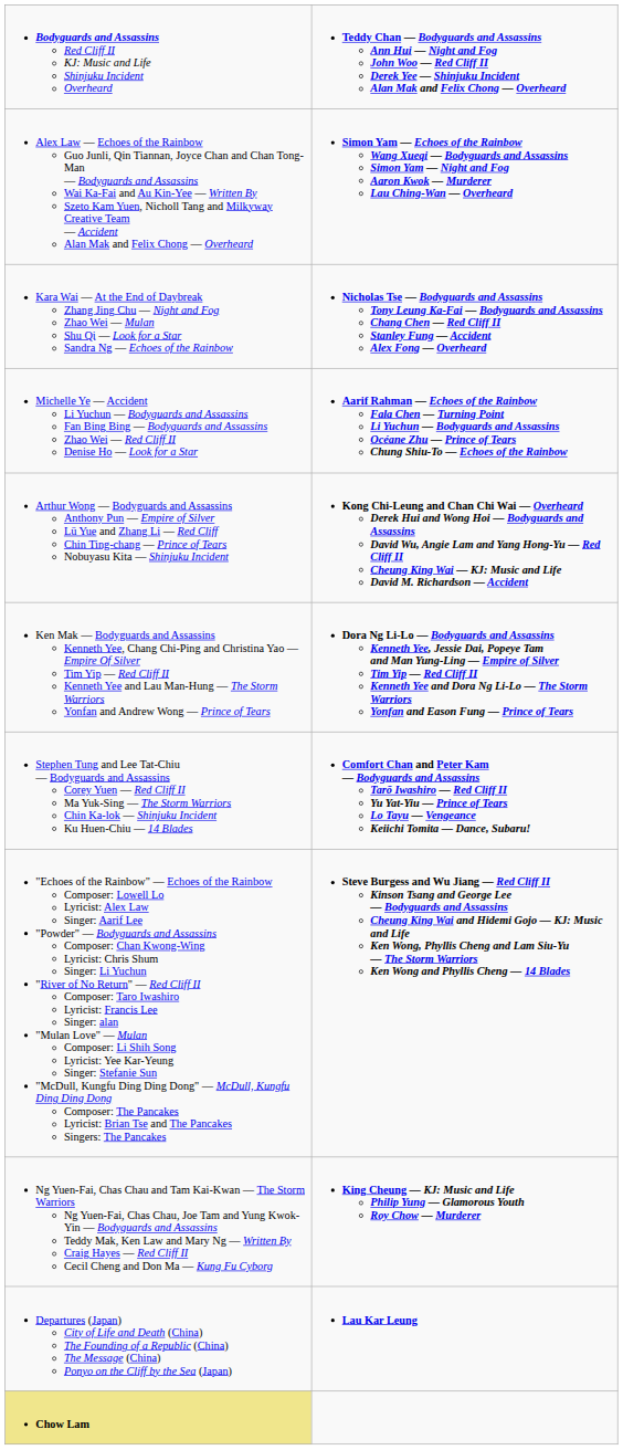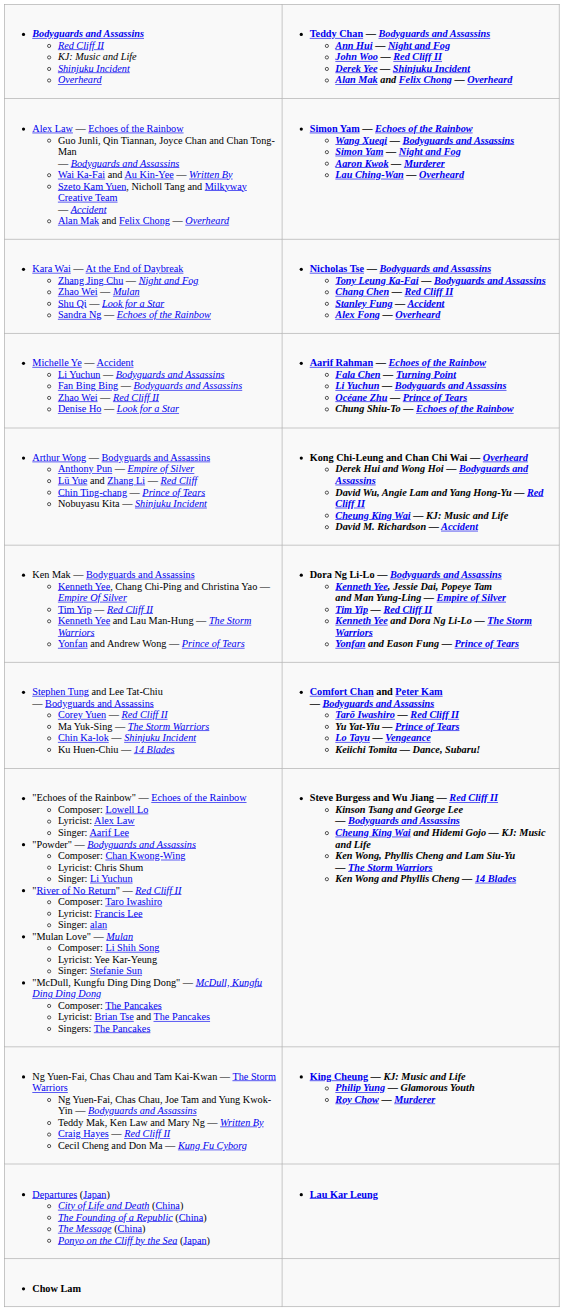 <table class=wikitable>
 <tr>
 <td valign="top" width="50%"><br><ul><li><strong><em><a href='#'>Bodyguards and Assassins</a></em></strong><ul><li><em><a href='#'>Red Cliff II</a></em></li><li><em>KJ: Music and Life</em></li><li><em><a href='#'>Shinjuku Incident</a></em></li><li><em><a href='#'>Overheard</a></em></li></ul></li></ul></td>
 <td valign="top" width="50%"><br><ul><li><strong><a href='#'>Teddy Chan</a> — <em><a href='#'>Bodyguards and Assassins</a><strong><em><ul><li><a href='#'>Ann Hui</a> — </em><a href='#'>Night and Fog</a><em></li><li><a href='#'>John Woo</a> — </em><a href='#'>Red Cliff II</a><em></li><li><a href='#'>Derek Yee</a> — </em><a href='#'>Shinjuku Incident</a><em></li><li><a href='#'>Alan Mak</a> and <a href='#'>Felix Chong</a> — </em><a href='#'>Overheard</a><em></li></ul></li></ul></td>
 </tr>
 <tr>
 <td valign="top" width="50%"><br><ul><li></strong><a href='#'>Alex Law</a> — </em><a href='#'>Echoes of the Rainbow</a></em></strong><ul><li>Guo Junli, Qin Tiannan, Joyce Chan and Chan Tong-Man <br> — <em><a href='#'>Bodyguards and Assassins</a></em></li><li><a href='#'>Wai Ka-Fai</a> and <a href='#'>Au Kin-Yee</a> — <em><a href='#'>Written By</a></em></li><li><a href='#'>Szeto Kam Yuen</a>, Nicholl Tang and <a href='#'>Milkyway Creative Team</a>  <br> — <em><a href='#'>Accident</a></em></li><li><a href='#'>Alan Mak</a> and <a href='#'>Felix Chong</a> — <em><a href='#'>Overheard</a></em></li></ul></li></ul></td>
 <td valign="top" width="50%"><br><ul><li><strong><a href='#'>Simon Yam</a> — <em><a href='#'>Echoes of the Rainbow</a><strong><em><ul><li><a href='#'>Wang Xueqi</a> — </em><a href='#'>Bodyguards and Assassins</a><em></li><li><a href='#'>Simon Yam</a> — </em><a href='#'>Night and Fog</a><em></li><li><a href='#'>Aaron Kwok</a> — </em><a href='#'>Murderer</a><em></li><li><a href='#'>Lau Ching-Wan</a> — </em><a href='#'>Overheard</a><em></li></ul></li></ul></td>
 </tr>
 <tr>
 <td valign="top" width="50%"><br><ul><li></strong><a href='#'>Kara Wai</a> — </em><a href='#'>At the End of Daybreak</a></em></strong><ul><li><a href='#'>Zhang Jing Chu</a> — <em><a href='#'>Night and Fog</a></em></li><li><a href='#'>Zhao Wei</a> — <em><a href='#'>Mulan</a></em></li><li><a href='#'>Shu Qi</a> — <em><a href='#'>Look for a Star</a></em></li><li><a href='#'>Sandra Ng</a> — <em><a href='#'>Echoes of the Rainbow</a></em></li></ul></li></ul></td>
 <td valign="top" width="50%"><br><ul><li><strong><a href='#'>Nicholas Tse</a> — <em><a href='#'>Bodyguards and Assassins</a><strong><em><ul><li><a href='#'>Tony Leung Ka-Fai</a> — </em><a href='#'>Bodyguards and Assassins</a><em></li><li><a href='#'>Chang Chen</a> — </em><a href='#'>Red Cliff II</a><em></li><li><a href='#'>Stanley Fung</a> — </em><a href='#'>Accident</a><em></li><li><a href='#'>Alex Fong</a> — </em><a href='#'>Overheard</a><em></li></ul></li></ul></td>
 </tr>
 <tr>
 <td valign="top" width="50%"><br><ul><li></strong><a href='#'>Michelle Ye</a> — </em><a href='#'>Accident</a></em></strong><ul><li><a href='#'>Li Yuchun</a> — <em><a href='#'>Bodyguards and Assassins</a></em></li><li><a href='#'>Fan Bing Bing</a> — <em><a href='#'>Bodyguards and Assassins</a></em></li><li><a href='#'>Zhao Wei</a> — <em><a href='#'>Red Cliff II</a></em></li><li><a href='#'>Denise Ho</a> — <em><a href='#'>Look for a Star</a></em></li></ul></li></ul></td>
 <td valign="top" width="50%"><br><ul><li><strong><a href='#'>Aarif Rahman</a> — <em><a href='#'>Echoes of the Rainbow</a><strong><em><ul><li><a href='#'>Fala Chen</a> — </em><a href='#'>Turning Point</a><em></li><li><a href='#'>Li Yuchun</a> — </em><a href='#'>Bodyguards and Assassins</a><em></li><li><a href='#'>Océane Zhu</a> — </em><a href='#'>Prince of Tears</a><em></li><li>Chung Shiu-To — </em><a href='#'>Echoes of the Rainbow</a><em></li></ul></li></ul></td>
 </tr>
 <tr>
 <td valign="top" width="50%"><br><ul><li></strong><a href='#'>Arthur Wong</a> — </em><a href='#'>Bodyguards and Assassins</a></em></strong><ul><li><a href='#'>Anthony Pun</a> — <em><a href='#'>Empire of Silver</a></em></li><li><a href='#'>Lü Yue</a> and <a href='#'>Zhang Li</a> — <em><a href='#'>Red Cliff</a></em></li><li><a href='#'>Chin Ting-chang</a> — <em><a href='#'>Prince of Tears</a></em></li><li>Nobuyasu Kita — <em><a href='#'>Shinjuku Incident</a></em></li></ul></li></ul></td>
 <td valign="top" width="50%"><br><ul><li><strong>Kong Chi-Leung and Chan Chi Wai — <em><a href='#'>Overheard</a><strong><em><ul><li>Derek Hui and Wong Hoi — </em><a href='#'>Bodyguards and Assassins</a><em></li><li>David Wu, Angie Lam and Yang Hong-Yu — </em><a href='#'>Red Cliff II</a><em></li><li><a href='#'>Cheung King Wai</a> — </em>KJ: Music and Life<em></li><li>David M. Richardson — </em><a href='#'>Accident</a><em></li></ul></li></ul></td>
 </tr>
 <tr>
 <td valign="top" width="50%"><br><ul><li></strong>Ken Mak — </em><a href='#'>Bodyguards and Assassins</a></em></strong><ul><li><a href='#'>Kenneth Yee</a>, Chang Chi-Ping and Christina Yao — <em><a href='#'>Empire Of Silver</a></em></li><li><a href='#'>Tim Yip</a> — <em><a href='#'>Red Cliff II</a></em></li><li><a href='#'>Kenneth Yee</a> and Lau Man-Hung — <em><a href='#'>The Storm Warriors</a></em></li><li><a href='#'>Yonfan</a> and Andrew Wong — <em><a href='#'>Prince of Tears</a></em></li></ul></li></ul></td>
 <td valign="top" width="50%"><br><ul><li><strong>Dora Ng Li-Lo — <em><a href='#'>Bodyguards and Assassins</a><strong><em><ul><li><a href='#'>Kenneth Yee</a>, Jessie Dai, Popeye Tam <br> and Man Yung-Ling — </em><a href='#'>Empire of Silver</a><em></li><li><a href='#'>Tim Yip</a> — </em><a href='#'>Red Cliff II</a><em></li><li><a href='#'>Kenneth Yee</a> and Dora Ng Li-Lo — </em><a href='#'>The Storm Warriors</a><em></li><li><a href='#'>Yonfan</a> and Eason Fung — </em><a href='#'>Prince of Tears</a><em></li></ul></li></ul></td>
 </tr>
 <tr>
 <td valign="top" width="50%"><br><ul><li></strong><a href='#'>Stephen Tung</a> and Lee Tat-Chiu <br> — </em><a href='#'>Bodyguards and Assassins</a></em></strong><ul><li><a href='#'>Corey Yuen</a> — <em><a href='#'>Red Cliff II</a></em></li><li>Ma Yuk-Sing — <em><a href='#'>The Storm Warriors</a></em></li><li><a href='#'>Chin Ka-lok</a> — <em><a href='#'>Shinjuku Incident</a></em></li><li>Ku Huen-Chiu — <em><a href='#'>14 Blades</a></em></li></ul></li></ul></td>
 <td valign="top" width="50%"><br><ul><li><strong><a href='#'>Comfort Chan</a> and <a href='#'>Peter Kam</a> <br> — <em><a href='#'>Bodyguards and Assassins</a><strong><em><ul><li><a href='#'>Tarō Iwashiro</a> — </em><a href='#'>Red Cliff II</a><em></li><li>Yu Yat-Yiu — </em><a href='#'>Prince of Tears</a><em></li><li><a href='#'>Lo Tayu</a> — </em><a href='#'>Vengeance</a><em></li><li>Keiichi Tomita — </em>Dance, Subaru!<em></li></ul></li></ul></td>
 </tr>
 <tr>
 <td valign="top" width="50%"><br><ul><li></strong>"Echoes of the Rainbow" —  </em><a href='#'>Echoes of the Rainbow</a></em></strong><ul><li>Composer: <a href='#'>Lowell Lo</a></li><li>Lyricist: <a href='#'>Alex Law</a></li><li>Singer: <a href='#'>Aarif Lee</a></li></ul></li><li>"Powder" — <em><a href='#'>Bodyguards and Assassins</a></em><ul><li>Composer: <a href='#'>Chan Kwong-Wing</a></li><li>Lyricist: Chris Shum</li><li>Singer: <a href='#'>Li Yuchun</a></li></ul></li><li>"<a href='#'>River of No Return</a>" — <em><a href='#'>Red Cliff II</a></em><ul><li>Composer: <a href='#'>Taro Iwashiro</a></li><li>Lyricist: <a href='#'>Francis Lee</a></li><li>Singer: <a href='#'>alan</a></li></ul></li><li>"Mulan Love" — <em><a href='#'>Mulan</a></em><ul><li>Composer: <a href='#'>Li Shih Song</a></li><li>Lyricist: Yee Kar-Yeung</li><li>Singer: <a href='#'>Stefanie Sun</a></li></ul></li><li>"McDull, Kungfu Ding Ding Dong" — <em><a href='#'>McDull, Kungfu Ding Ding Dong</a></em><ul><li>Composer: <a href='#'>The Pancakes</a></li><li>Lyricist: <a href='#'>Brian Tse</a> and <a href='#'>The Pancakes</a></li><li>Singers: <a href='#'>The Pancakes</a></li></ul></li></ul></td>
 <td valign="top" width="50%"><br><ul><li><strong>Steve Burgess and Wu Jiang — <em><a href='#'>Red Cliff II</a><strong><em><ul><li>Kinson Tsang and George Lee <br> — </em><a href='#'>Bodyguards and Assassins</a><em></li><li><a href='#'>Cheung King Wai</a> and Hidemi Gojo — </em>KJ: Music and Life<em></li><li>Ken Wong, Phyllis Cheng and Lam Siu-Yu <br> — </em><a href='#'>The Storm Warriors</a><em></li><li>Ken Wong and Phyllis Cheng — </em><a href='#'>14 Blades</a><em></li></ul></li></ul></td>
 </tr>
 <tr>
 <td valign="top" width="50%"><br><ul><li></strong>Ng Yuen-Fai, Chas Chau and Tam Kai-Kwan — </em><a href='#'>The Storm Warriors</a></em></strong><ul><li>Ng Yuen-Fai, Chas Chau, Joe Tam and Yung Kwok-Yin — <em><a href='#'>Bodyguards and Assassins</a></em></li><li>Teddy Mak, Ken Law and Mary Ng — <em><a href='#'>Written By</a></em></li><li><a href='#'>Craig Hayes</a> — <em><a href='#'>Red Cliff II</a></em></li><li>Cecil Cheng and Don Ma — <em><a href='#'>Kung Fu Cyborg</a></em></li></ul></li></ul></td>
 <td valign="top" width="50%"><br><ul><li><strong><a href='#'>King Cheung</a> — <em>KJ: Music and Life<strong><em><ul><li><a href='#'>Philip Yung</a> — </em>Glamorous Youth<em></li><li><a href='#'>Roy Chow</a> — </em><a href='#'>Murderer</a><em></li></ul></li></ul></td>
 </tr>
 <tr>
 <td valign="top" width="50%"><br><ul><li></em></strong><a href='#'>Departures</a></em> (<a href='#'>Japan</a>)</strong><ul><li><em><a href='#'>City of Life and Death</a></em> (<a href='#'>China</a>)</li><li><em><a href='#'>The Founding of a Republic</a></em> (<a href='#'>China</a>)</li><li><em><a href='#'>The Message</a></em> (<a href='#'>China</a>)</li><li><em><a href='#'>Ponyo on the Cliff by the Sea</a></em> (<a href='#'>Japan</a>)</li></ul></li></ul></td>
 <td valign="top" width="50%"><br><ul><li><strong><a href='#'>Lau Kar Leung</a></strong></li></ul></td>
 </tr>
 <tr>
-<td valign="top" width="50%" style="background: khaki;"><br><ul><li><strong>Chow Lam</strong></li></ul></td>
+<td valign="top" width="50%"><br><ul><li><strong>Chow Lam</strong></li></ul></td>
 </tr>
 </table>
